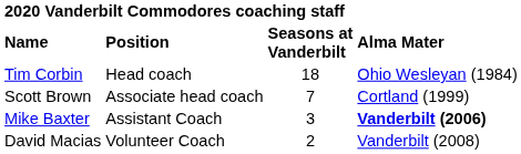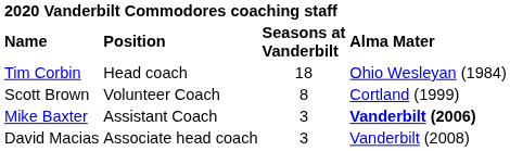 <table class="toccolours" style="text-align: left; font-size:90%;">
 <tr>
 <th colspan="9">2020 Vanderbilt Commodores coaching staff</th>
 </tr>
 <tr>
 <th>Name</th>
 <th>Position</th>
 <th>Seasons at<br>Vanderbilt</th>
 <th>Alma Mater</th>
 </tr>
 <tr>
 <td><a href='#'>Tim Corbin</a></td>
 <td>Head coach</td>
 <td align=center>18</td>
 <td><a href='#'>Ohio Wesleyan</a> (1984)</td>
 </tr>
 <tr>
 <td>Scott Brown</td>
-<td>Associate head coach</td>
-<td align=center>7</td>
+<td>Volunteer Coach</td>
+<td align=center>8</td>
 <td><a href='#'>Cortland</a> (1999)</td>
 </tr>
 <tr>
 <td><a href='#'>Mike Baxter</a></td>
 <td>Assistant Coach</td>
 <td align=center>3</td>
 <td><strong><a href='#'>Vanderbilt</a> (2006)</strong></td>
 </tr>
 <tr>
 <td>David Macias</td>
-<td>Volunteer Coach</td>
-<td align=center>2</td>
+<td>Associate head coach</td>
+<td align=center>3</td>
 <td><a href='#'>Vanderbilt</a> (2008)</td>
 </tr>
 </table>
